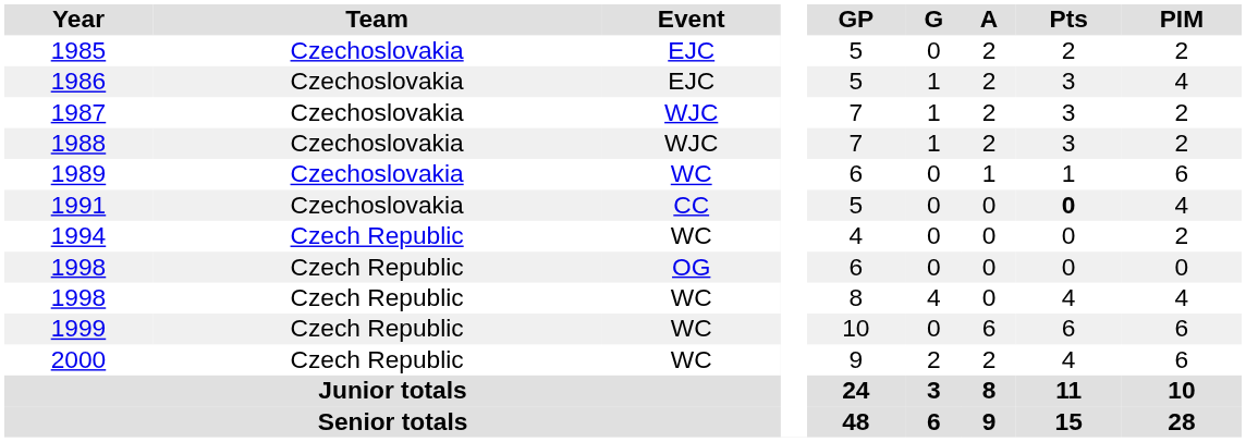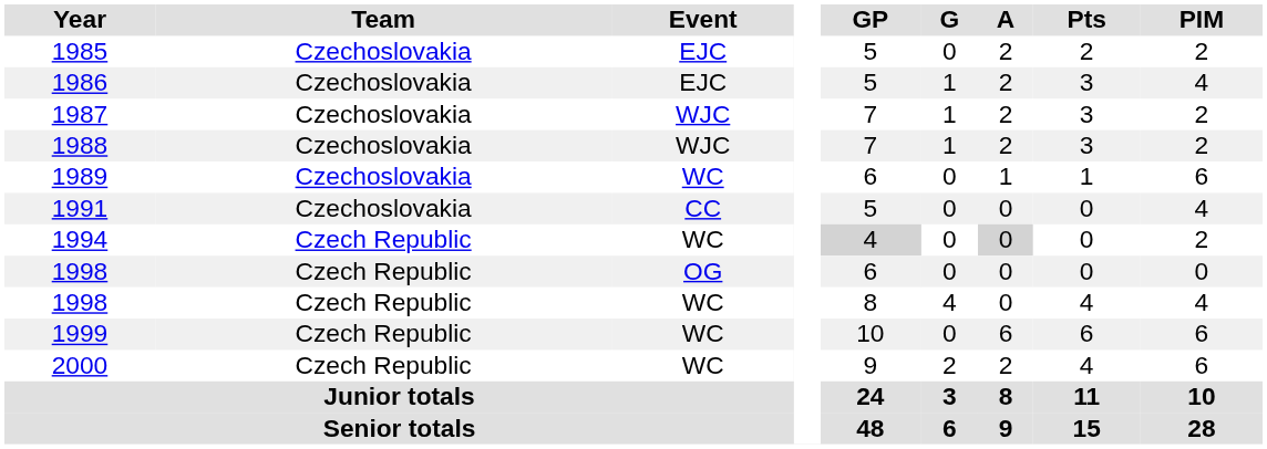 <table border="0" cellpadding="1" cellspacing="0" style="text-align:center; width:50em">
 <tr align="center" bgcolor="#e0e0e0">
 <th>Year</th>
 <th>Team</th>
 <th>Event</th>
 <th rowspan="99" bgcolor="#ffffff"> </th>
 <th>GP</th>
 <th>G</th>
 <th>A</th>
 <th>Pts</th>
 <th>PIM</th>
 </tr>
 <tr>
 <td><a href='#'>1985</a></td>
 <td><a href='#'>Czechoslovakia</a></td>
 <td><a href='#'>EJC</a></td>
 <td>5</td>
 <td>0</td>
 <td>2</td>
 <td>2</td>
 <td>2</td>
 </tr>
 <tr bgcolor="#f0f0f0">
 <td><a href='#'>1986</a></td>
 <td>Czechoslovakia</td>
 <td>EJC</td>
 <td>5</td>
 <td>1</td>
 <td>2</td>
 <td>3</td>
 <td>4</td>
 </tr>
 <tr>
 <td><a href='#'>1987</a></td>
 <td>Czechoslovakia</td>
 <td><a href='#'>WJC</a></td>
 <td>7</td>
 <td>1</td>
 <td>2</td>
 <td>3</td>
 <td>2</td>
 </tr>
 <tr bgcolor="#f0f0f0">
 <td><a href='#'>1988</a></td>
 <td>Czechoslovakia</td>
 <td>WJC</td>
 <td>7</td>
 <td>1</td>
 <td>2</td>
 <td>3</td>
 <td>2</td>
 </tr>
 <tr>
 <td><a href='#'>1989</a></td>
 <td><a href='#'>Czechoslovakia</a></td>
 <td><a href='#'>WC</a></td>
 <td>6</td>
 <td>0</td>
 <td>1</td>
 <td>1</td>
 <td>6</td>
 </tr>
 <tr bgcolor="#f0f0f0">
 <td><a href='#'>1991</a></td>
 <td>Czechoslovakia</td>
 <td><a href='#'>CC</a></td>
 <td>5</td>
 <td>0</td>
 <td>0</td>
-<td><strong>0</strong></td>
+<td>0</td>
 <td>4</td>
 </tr>
 <tr>
 <td><a href='#'>1994</a></td>
 <td><a href='#'>Czech Republic</a></td>
 <td>WC</td>
-<td>4</td>
+<td style="background: lightgrey;">4</td>
 <td>0</td>
-<td>0</td>
+<td style="background: lightgrey;">0</td>
 <td>0</td>
 <td>2</td>
 </tr>
 <tr bgcolor="#f0f0f0">
 <td><a href='#'>1998</a></td>
 <td>Czech Republic</td>
 <td><a href='#'>OG</a></td>
 <td>6</td>
 <td>0</td>
 <td>0</td>
 <td>0</td>
 <td>0</td>
 </tr>
 <tr>
 <td><a href='#'>1998</a></td>
 <td>Czech Republic</td>
 <td>WC</td>
 <td>8</td>
 <td>4</td>
 <td>0</td>
 <td>4</td>
 <td>4</td>
 </tr>
 <tr bgcolor="#f0f0f0">
 <td><a href='#'>1999</a></td>
 <td>Czech Republic</td>
 <td>WC</td>
 <td>10</td>
 <td>0</td>
 <td>6</td>
 <td>6</td>
 <td>6</td>
 </tr>
 <tr>
 <td><a href='#'>2000</a></td>
 <td>Czech Republic</td>
 <td>WC</td>
 <td>9</td>
 <td>2</td>
 <td>2</td>
 <td>4</td>
 <td>6</td>
 </tr>
 <tr bgcolor="#e0e0e0">
 <th colspan=3>Junior totals</th>
 <th>24</th>
 <th>3</th>
 <th>8</th>
 <th>11</th>
 <th>10</th>
 </tr>
 <tr bgcolor="#e0e0e0">
 <th colspan=3>Senior totals</th>
 <th>48</th>
 <th>6</th>
 <th>9</th>
 <th>15</th>
 <th>28</th>
 </tr>
 </table>
